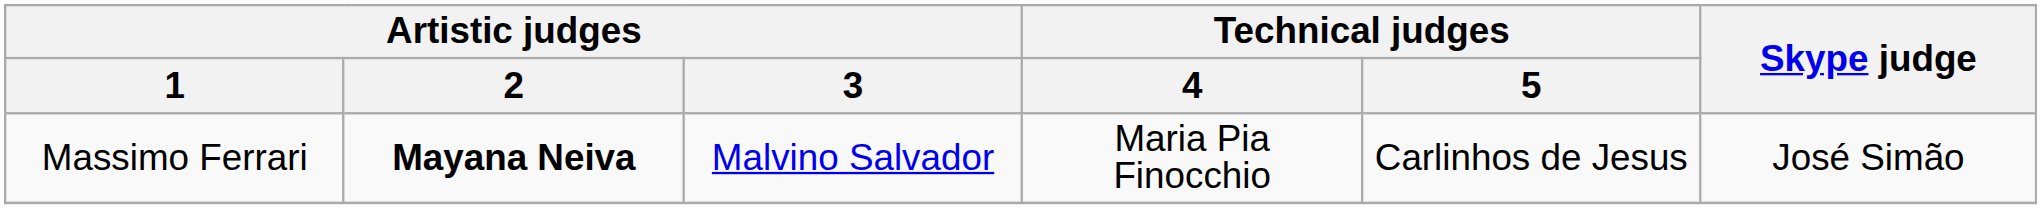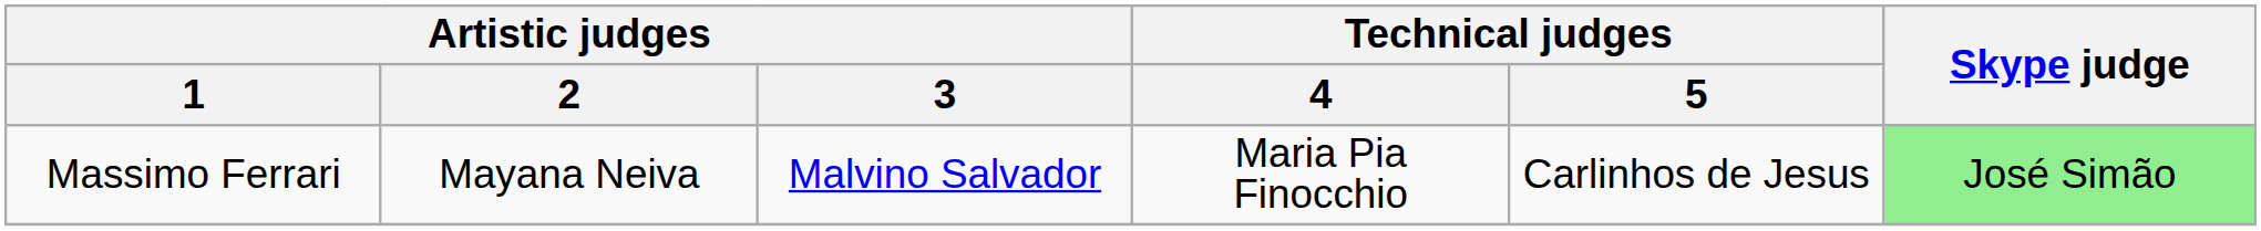 <table class="wikitable" style="font-size:100%; line-height:16px; text-align:center" width="100%">
 <tr>
 <th colspan=3 width="50.0%">Artistic judges</th>
 <th colspan=2 width="33.3%">Technical judges</th>
 <th rowspan=2 width="16.7%"><a href='#'>Skype</a> judge<br></th>
 </tr>
 <tr>
 <th width="16.7%">1</th>
 <th width="16.7%">2</th>
 <th width="16.7%">3</th>
 <th width="16.7%">4</th>
 <th width="16.7%">5</th>
 </tr>
 <tr>
 <td>Massimo Ferrari</td>
-<td><strong>Mayana Neiva</strong></td>
+<td>Mayana Neiva</td>
 <td><a href='#'>Malvino Salvador</a></td>
 <td>Maria Pia Finocchio</td>
 <td>Carlinhos de Jesus</td>
-<td>José Simão</td>
+<td style="background: lightgreen;">José Simão</td>
 </tr>
 <tr>
 </tr>
 </table>
